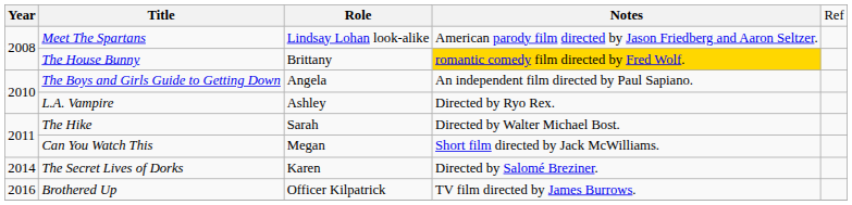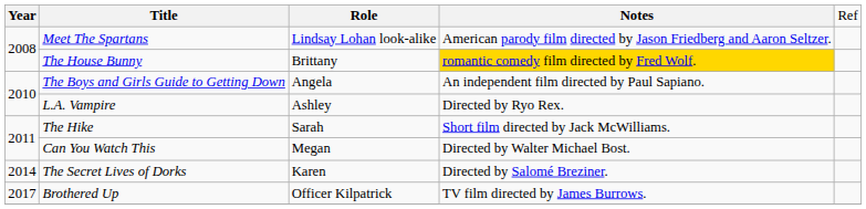 <table class="wikitable sortable">
 <tr>
 <th>Year</th>
 <th>Title</th>
 <th>Role</th>
 <th>Notes</th>
 <td>Ref</td>
 </tr>
 <tr>
 <td rowspan="2">2008</td>
 <td><em><a href='#'>Meet The Spartans</a></em></td>
 <td><a href='#'>Lindsay Lohan</a> look-alike</td>
 <td>American <a href='#'>parody film</a> <a href='#'>directed</a> by <a href='#'>Jason Friedberg and Aaron Seltzer</a>.</td>
 <td></td>
 </tr>
 <tr>
 <td><em><a href='#'>The House Bunny</a></em></td>
 <td>Brittany</td>
 <td style="background: gold;"><a href='#'>romantic comedy</a> film directed by <a href='#'>Fred Wolf</a>.</td>
 <td></td>
 </tr>
 <tr>
 <td rowspan="2">2010</td>
 <td><em><a href='#'>The Boys and Girls Guide to Getting Down</a></em></td>
 <td>Angela</td>
 <td>An independent film directed by Paul Sapiano.</td>
 <td></td>
 </tr>
 <tr>
 <td><em>L.A. Vampire</em></td>
 <td>Ashley</td>
 <td>Directed by Ryo Rex.</td>
 <td></td>
 </tr>
 <tr>
 <td rowspan="2">2011</td>
 <td><em>The Hike</em></td>
 <td>Sarah</td>
-<td>Directed by Walter Michael Bost.</td>
+<td><a href='#'>Short film</a> directed by Jack McWilliams.</td>
 <td></td>
 </tr>
 <tr>
 <td><em>Can You Watch This</em></td>
 <td>Megan</td>
-<td><a href='#'>Short film</a> directed by Jack McWilliams.</td>
+<td>Directed by Walter Michael Bost.</td>
 <td></td>
 </tr>
 <tr>
 <td>2014</td>
 <td><em>The Secret Lives of Dorks</em></td>
 <td>Karen</td>
 <td>Directed by <a href='#'>Salomé Breziner</a>.</td>
 <td></td>
 </tr>
 <tr>
-<td>2016</td>
+<td>2017</td>
 <td><em>Brothered Up</em></td>
 <td>Officer Kilpatrick</td>
 <td>TV film directed by <a href='#'>James Burrows</a>.</td>
 <td></td>
 </tr>
 <tr>
 </tr>
 </table>
